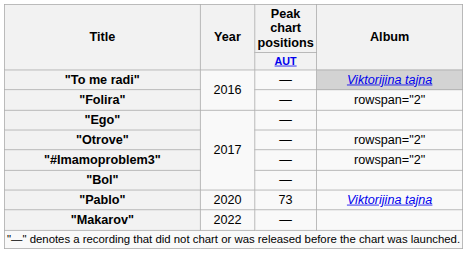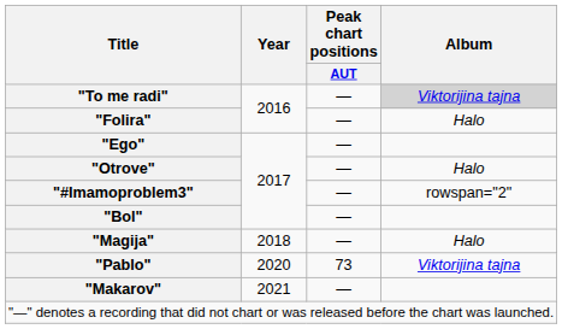 <table class="wikitable plainrowheaders" style="text-align:center;">
 <tr>
 <th rowspan="2" scope="col">Title</th>
 <th rowspan="2" scope="col">Year</th>
 <th rowspan="1" scope="col">Peak chart positions</th>
 <th rowspan="2" scope="col">Album</th>
 </tr>
 <tr>
 <th style="width:2.5em; font-size:85%"><a href='#'>AUT</a><br></th>
 </tr>
 <tr>
 <th scope="row">"To me radi"<br></th>
 <td rowspan="2">2016</td>
 <td>—</td>
 <td style="background: lightgrey;"><em><a href='#'>Viktorijina tajna</a></em></td>
 </tr>
 <tr>
 <th scope="row">"Folira"<br></th>
 <td>—</td>
-<td>rowspan="2" </td>
+<td><em>Halo</em></td>
 </tr>
 <tr>
 <th scope="row">"Ego"<br></th>
 <td rowspan="4">2017</td>
 <td>—</td>
 </tr>
 <tr>
 <th scope="row">"Otrove"<br></th>
 <td>—</td>
-<td>rowspan="2" </td>
+<td><em>Halo</em></td>
 </tr>
 <tr>
 <th scope="row">"#Imamoproblem3"<br></th>
 <td>—</td>
 <td>rowspan="2" </td>
 </tr>
 <tr>
 <th scope="row">"Bol"<br></th>
 <td>—</td>
 </tr>
 <tr>
+<th scope="row">"Magija"<br></th>
+<td rowspan="1">2018</td>
+<td>—</td>
+<td><em>Halo</em></td>
+</tr>
+<tr>
 <th scope="row">"Pablo"<br></th>
 <td rowspan="1">2020</td>
 <td>73</td>
 <td><em><a href='#'>Viktorijina tajna</a></em></td>
 </tr>
 <tr>
 <th scope="row">"Makarov"<br></th>
-<td rowspan="1">2022</td>
+<td rowspan="1">2021</td>
 <td>—</td>
 </tr>
 <tr>
 <td colspan="4" style="font-size:90%">"—" denotes a recording that did not chart or was released before the chart was launched.</td>
 </tr>
 </table>
